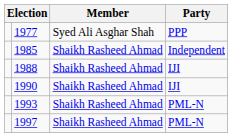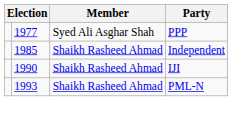 <table class="wikitable">
 <tr>
 <th colspan="2">Election</th>
 <th>Member</th>
 <th>Party</th>
 </tr>
 <tr>
 <td style="background-color: "></td>
 <td><a href='#'>1977</a></td>
 <td>Syed Ali Asghar Shah</td>
 <td><a href='#'>PPP</a></td>
 </tr>
 <tr>
 <td style="background-color: "></td>
 <td><a href='#'>1985</a></td>
 <td><a href='#'>Shaikh Rasheed Ahmad</a></td>
 <td><a href='#'>Independent</a></td>
 </tr>
 <tr>
 <td style="background-color: "></td>
-<td><a href='#'>1988</a></td>
-<td><a href='#'>Shaikh Rasheed Ahmad</a></td>
-<td><a href='#'>IJI</a></td>
-</tr>
-<tr>
-<td style="background-color: "></td>
 <td><a href='#'>1990</a></td>
 <td><a href='#'>Shaikh Rasheed Ahmad</a></td>
 <td><a href='#'>IJI</a></td>
 </tr>
 <tr>
 <td style="background-color: "></td>
 <td><a href='#'>1993</a></td>
 <td><a href='#'>Shaikh Rasheed Ahmad</a></td>
 <td><a href='#'>PML-N</a></td>
 </tr>
-<tr>
-<td style="background-color: "></td>
-<td><a href='#'>1997</a></td>
-<td><a href='#'>Shaikh Rasheed Ahmad</a></td>
-<td><a href='#'>PML-N</a></td>
-</tr>
 </table>
